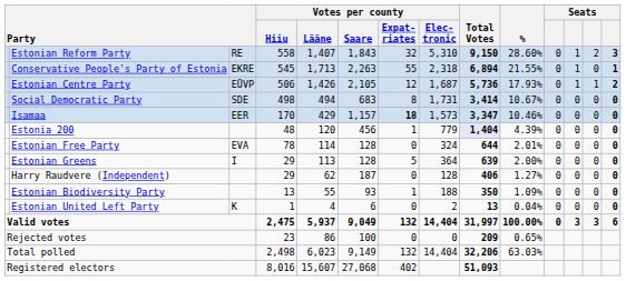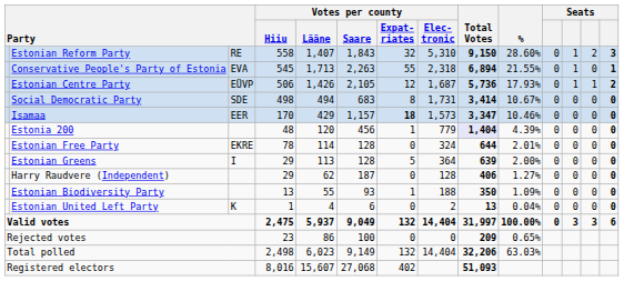 <table class="wikitable" border="1" style="text-align:right;">
 <tr>
 <th style="text-align:left;" valign=bottom rowspan=2 colspan=3>Party</th>
 <th colspan=5>Votes per county</th>
 <th align=center valign=bottom rowspan=2 width="50">Total Votes</th>
 <th align=center valign=bottom rowspan=2 width="50">%</th>
 <th colspan=4>Seats</th>
 </tr>
 <tr>
 <th align=center valign=bottom width="50"><a href='#'>Hiiu</a></th>
 <th align=center valign=bottom width="50"><a href='#'>Lääne</a></th>
 <th align=center valign=bottom width="50"><a href='#'>Saare</a></th>
 <th align=center valign=bottom width="50"><a href='#'>Expat- riates</a></th>
 <th align=center valign=bottom width="50"><a href='#'>Elec- tronic</a></th>
 <th align=center valign=bottom width="20"><small></small></th>
 <th align=center valign=bottom width="20"><small></small></th>
 <th align=center valign=bottom width="20"><small></small></th>
 <th align=center valign=bottom width="20"><small></small></th>
 </tr>
 <tr style="background:#CEE0F2;">
 <td style="background:"></td>
 <td align=left><a href='#'>Estonian Reform Party</a></td>
 <td align=left>RE</td>
 <td>558</td>
 <td>1,407</td>
 <td>1,843</td>
 <td>32</td>
 <td>5,310</td>
 <td><strong>9,150</strong></td>
 <td>28.60%</td>
 <td>0</td>
 <td>1</td>
 <td>2</td>
 <td><strong>3</strong></td>
 </tr>
 <tr style="background:#CEE0F2;">
 <td style="background:"></td>
 <td align=left><a href='#'>Conservative People's Party of Estonia</a></td>
-<td align=left>EKRE</td>
+<td align=left>EVA</td>
 <td>545</td>
 <td>1,713</td>
 <td>2,263</td>
 <td>55</td>
 <td>2,318</td>
 <td><strong>6,894</strong></td>
 <td>21.55%</td>
 <td>0</td>
 <td>1</td>
 <td>0</td>
 <td><strong>1</strong></td>
 </tr>
 <tr style="background:#CEE0F2;">
 <td style="background:"></td>
 <td align=left><a href='#'>Estonian Centre Party</a></td>
 <td align=left>EÜVP</td>
 <td>506</td>
 <td>1,426</td>
 <td>2,105</td>
 <td>12</td>
 <td>1,687</td>
 <td><strong>5,736</strong></td>
 <td>17.93%</td>
 <td>0</td>
 <td>1</td>
 <td>1</td>
 <td><strong>2</strong></td>
 </tr>
 <tr style="background:#CEE0F2;">
 <td style="background:"></td>
 <td align=left><a href='#'>Social Democratic Party</a></td>
 <td align=left>SDE</td>
 <td>498</td>
 <td>494</td>
 <td>683</td>
 <td>8</td>
 <td>1,731</td>
 <td><strong>3,414</strong></td>
 <td>10.67%</td>
 <td>0</td>
 <td>0</td>
 <td>0</td>
 <td><strong>0</strong></td>
 </tr>
 <tr style="background:#CEE0F2;">
 <td style="background:"></td>
 <td align=left><a href='#'>Isamaa</a></td>
 <td align=left>EER</td>
 <td>170</td>
 <td>429</td>
 <td>1,157</td>
 <td><strong>18</strong></td>
 <td>1,573</td>
 <td><strong>3,347</strong></td>
 <td>10.46%</td>
 <td>0</td>
 <td>0</td>
 <td>0</td>
 <td><strong>0</strong></td>
 </tr>
 <tr>
 <td style="background:"></td>
 <td align=left><a href='#'>Estonia 200</a></td>
 <td></td>
 <td>48</td>
 <td>120</td>
 <td>456</td>
 <td>1</td>
 <td>779</td>
 <td style="background: lavender;"><strong>1,404</strong></td>
 <td>4.39%</td>
 <td>0</td>
 <td>0</td>
 <td>0</td>
 <td><strong>0</strong></td>
 </tr>
 <tr>
 <td style="background:"></td>
 <td align=left><a href='#'>Estonian Free Party</a></td>
-<td align=left>EVA</td>
+<td align=left>EKRE</td>
 <td>78</td>
 <td>114</td>
 <td>128</td>
 <td>0</td>
 <td>324</td>
 <td><strong>644</strong></td>
 <td>2.01%</td>
 <td>0</td>
 <td>0</td>
 <td>0</td>
 <td><strong>0</strong></td>
 </tr>
 <tr>
 <td style="background:"></td>
 <td align=left><a href='#'>Estonian Greens</a></td>
 <td align=left>I</td>
 <td>29</td>
 <td>113</td>
 <td>128</td>
 <td>5</td>
 <td>364</td>
 <td><strong>639</strong></td>
 <td>2.00%</td>
 <td>0</td>
 <td>0</td>
 <td>0</td>
 <td><strong>0</strong></td>
 </tr>
 <tr>
 <td style="background:"></td>
 <td align=left>Harry Raudvere (<a href='#'>Independent</a>)</td>
 <td></td>
 <td>29</td>
 <td>62</td>
 <td>187</td>
 <td>0</td>
 <td>128</td>
 <td><strong>406</strong></td>
 <td>1.27%</td>
 <td>0</td>
 <td>0</td>
 <td>0</td>
 <td><strong>0</strong></td>
 </tr>
 <tr>
 <td style="background:"></td>
 <td align=left><a href='#'>Estonian Biodiversity Party</a></td>
 <td></td>
 <td>13</td>
 <td>55</td>
 <td>93</td>
 <td>1</td>
 <td>188</td>
 <td><strong>350</strong></td>
 <td>1.09%</td>
 <td>0</td>
 <td>0</td>
 <td>0</td>
 <td><strong>0</strong></td>
 </tr>
 <tr>
 <td style="background:"></td>
 <td align=left><a href='#'>Estonian United Left Party</a></td>
 <td align=left>K</td>
 <td>1</td>
 <td>4</td>
 <td>6</td>
 <td>0</td>
 <td>2</td>
 <td><strong>13</strong></td>
 <td>0.04%</td>
 <td>0</td>
 <td>0</td>
 <td>0</td>
 <td><strong>0</strong></td>
 </tr>
 <tr style="font-weight:bold">
 <td align=left colspan=3>Valid votes</td>
 <td>2,475</td>
 <td>5,937</td>
 <td>9,049</td>
 <td>132</td>
 <td>14,404</td>
 <td>31,997</td>
 <td>100.00%</td>
 <td>0</td>
 <td>3</td>
 <td>3</td>
 <td>6</td>
 </tr>
 <tr>
 <td align=left colspan=3>Rejected votes</td>
 <td>23</td>
 <td>86</td>
 <td>100</td>
 <td>0</td>
 <td>0</td>
 <td><strong>209</strong></td>
 <td>0.65%</td>
 <td></td>
 <td></td>
 <td></td>
 <td></td>
 </tr>
 <tr>
 <td align=left colspan=3>Total polled</td>
 <td>2,498</td>
 <td>6,023</td>
 <td>9,149</td>
 <td>132</td>
 <td>14,404</td>
 <td><strong>32,206</strong></td>
 <td>63.03%</td>
 <td></td>
 <td></td>
 <td></td>
 <td></td>
 </tr>
 <tr>
 <td align=left colspan=3>Registered electors</td>
 <td>8,016</td>
 <td>15,607</td>
 <td>27,068</td>
 <td>402</td>
 <td></td>
 <td><strong>51,093</strong></td>
 <td></td>
 <td></td>
 <td></td>
 <td></td>
 <td></td>
 </tr>
 </table>
